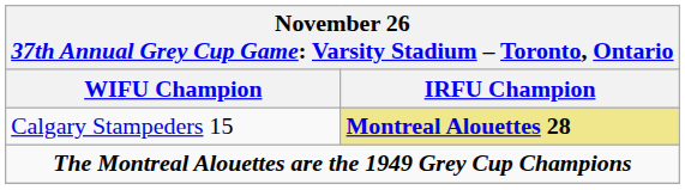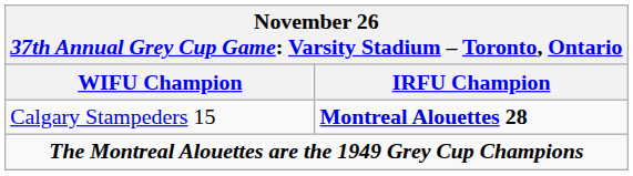 <table class="wikitable">
 <tr>
 <th bgcolor="#DDDDDD" colspan="4">November 26<br><em><a href='#'>37th Annual Grey Cup Game</a></em>: <a href='#'>Varsity Stadium</a> – <a href='#'>Toronto</a>, <a href='#'>Ontario</a></th>
 </tr>
 <tr>
 <th><a href='#'>WIFU Champion</a></th>
 <th><a href='#'>IRFU Champion</a></th>
 </tr>
 <tr>
 <td><a href='#'>Calgary Stampeders</a> 15</td>
-<td style="background: khaki;"><strong><a href='#'>Montreal Alouettes</a> 28</strong></td>
+<td><strong><a href='#'>Montreal Alouettes</a> 28</strong></td>
 </tr>
 <tr>
 <td align="center" colspan="4"><strong><em>The Montreal Alouettes are the 1949 Grey Cup Champions</em></strong></td>
 </tr>
 <tr>
 </tr>
 </table>
